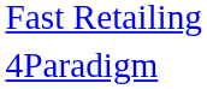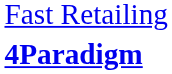 <table>
 <tr>
 <td> <a href='#'>Fast Retailing</a></td>
 </tr>
 <tr>
-<td> <a href='#'>4Paradigm</a></td>
+<td><strong> <a href='#'>4Paradigm</a></strong></td>
 </tr>
 </table>
